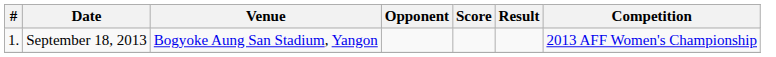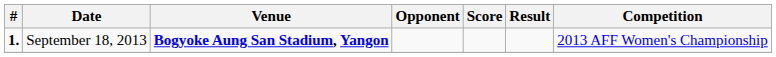 <table class="wikitable">
 <tr>
 <th>#</th>
 <th>Date</th>
 <th>Venue</th>
 <th>Opponent</th>
 <th>Score</th>
 <th>Result</th>
 <th>Competition</th>
 </tr>
 <tr>
-<td>1.</td>
+<td><strong>1.</strong></td>
 <td>September 18, 2013</td>
-<td><a href='#'>Bogyoke Aung San Stadium</a>, <a href='#'>Yangon</a></td>
+<td><strong><a href='#'>Bogyoke Aung San Stadium</a>, <a href='#'>Yangon</a></strong></td>
 <td></td>
 <td></td>
 <td></td>
 <td><a href='#'>2013 AFF Women's Championship</a></td>
 </tr>
 <tr>
 </tr>
 </table>
